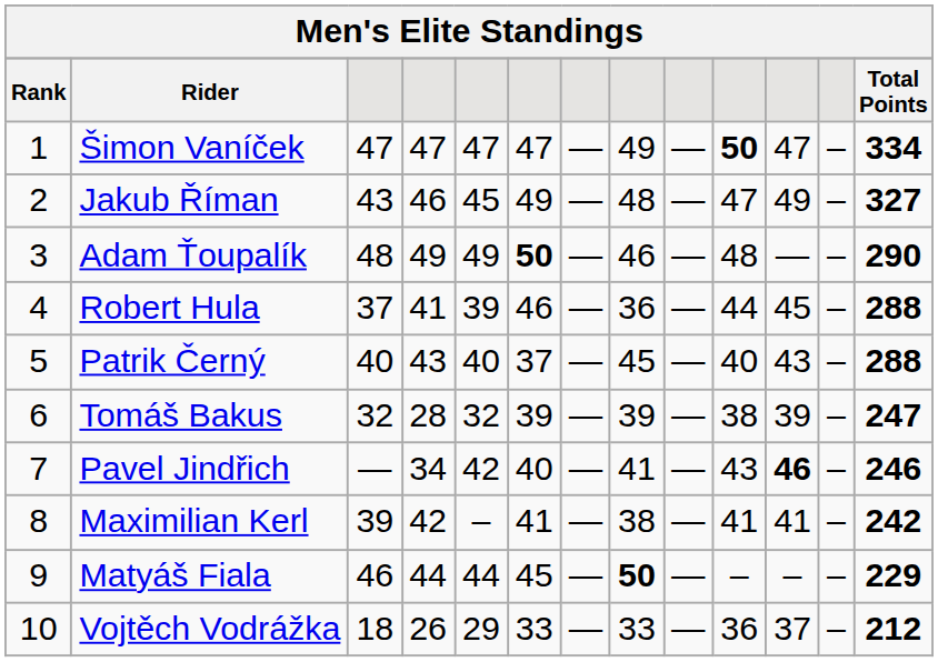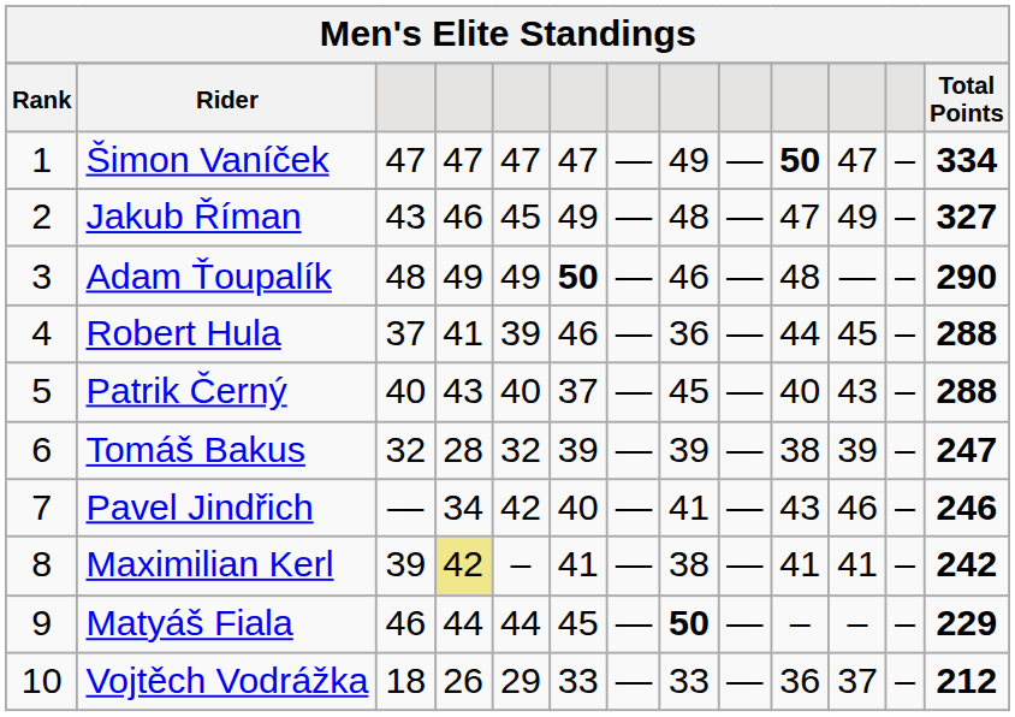 <table class="wikitable sortable">
 <tr>
 <th colspan=27 align="center">Men's Elite Standings</th>
 </tr>
 <tr>
 </tr>
 <tr style="font-size:8pt;font-weight:bold">
 <th align="center">Rank</th>
 <th align="center">Rider</th>
 <th class=unsortable style="background:#E5E4E2;"><small></small></th>
 <th class=unsortable style="background:#E5E4E2;"><small></small></th>
 <th class=unsortable style="background:#E5E4E2;"><small></small></th>
 <th class=unsortable style="background:#E5E4E2;"><small></small></th>
 <th class=unsortable style="background:#E5E4E2;"><small></small></th>
 <th class=unsortable style="background:#E5E4E2;"><small></small></th>
 <th class=unsortable style="background:#E5E4E2;"><small></small></th>
 <th class=unsortable style="background:#E5E4E2;"><small></small></th>
 <th class=unsortable style="background:#E5E4E2;"><small></small></th>
 <th class=unsortable style="background:#E5E4E2;"><small></small></th>
 <th align="center">Total<br>Points</th>
 </tr>
 <tr>
 <td align=center>1</td>
 <td> <a href='#'>Šimon Vaníček</a></td>
 <td align=center>47</td>
 <td align=center>47</td>
 <td align=center>47</td>
 <td align=center>47</td>
 <td align=center>—</td>
 <td align=center>49</td>
 <td align=center>—</td>
 <td align=center><strong>50</strong></td>
 <td align=center>47</td>
 <td align=center>–</td>
 <td align=center><strong>334</strong></td>
 </tr>
 <tr>
 <td align=center>2</td>
 <td> <a href='#'>Jakub Říman</a></td>
 <td align=center>43</td>
 <td align=center>46</td>
 <td align=center>45</td>
 <td align=center>49</td>
 <td align=center>—</td>
 <td align=center>48</td>
 <td align=center>—</td>
 <td align=center>47</td>
 <td align=center>49</td>
 <td align=center>–</td>
 <td align=center><strong>327</strong></td>
 </tr>
 <tr>
 <td align=center>3</td>
 <td> <a href='#'>Adam Ťoupalík</a></td>
 <td align=center>48</td>
 <td align=center>49</td>
 <td align=center>49</td>
 <td align=center><strong>50</strong></td>
 <td align=center>—</td>
 <td align=center>46</td>
 <td align=center>—</td>
 <td align=center>48</td>
 <td align=center>—</td>
 <td align=center>–</td>
 <td align=center><strong>290</strong></td>
 </tr>
 <tr>
 <td align=center>4</td>
 <td> <a href='#'>Robert Hula</a></td>
 <td align=center>37</td>
 <td align=center>41</td>
 <td align=center>39</td>
 <td align=center>46</td>
 <td align=center>—</td>
 <td align=center>36</td>
 <td align=center>—</td>
 <td align=center>44</td>
 <td align=center>45</td>
 <td align=center>–</td>
 <td align=center><strong>288</strong></td>
 </tr>
 <tr>
 <td align=center>5</td>
 <td> <a href='#'>Patrik Černý</a></td>
 <td align=center>40</td>
 <td align=center>43</td>
 <td align=center>40</td>
 <td align=center>37</td>
 <td align=center>—</td>
 <td align=center>45</td>
 <td align=center>—</td>
 <td align=center>40</td>
 <td align=center>43</td>
 <td align=center>–</td>
 <td align=center><strong>288</strong></td>
 </tr>
 <tr>
 <td align=center>6</td>
 <td> <a href='#'>Tomáš Bakus</a></td>
 <td align=center>32</td>
 <td align=center>28</td>
 <td align=center>32</td>
 <td align=center>39</td>
 <td align=center>—</td>
 <td align=center>39</td>
 <td align=center>—</td>
 <td align=center>38</td>
 <td align=center>39</td>
 <td align=center>–</td>
 <td align=center><strong>247</strong></td>
 </tr>
 <tr>
 <td align=center>7</td>
 <td> <a href='#'>Pavel Jindřich</a></td>
 <td align=center>—</td>
 <td align=center>34</td>
 <td align=center>42</td>
 <td align=center>40</td>
 <td align=center>—</td>
 <td align=center>41</td>
 <td align=center>—</td>
 <td align=center>43</td>
-<td align=center><strong>46</strong></td>
+<td align=center>46</td>
 <td align=center>–</td>
 <td align=center><strong>246</strong></td>
 </tr>
 <tr>
 <td align=center>8</td>
 <td> <a href='#'>Maximilian Kerl</a></td>
 <td align=center>39</td>
-<td align=center>42</td>
+<td align=center style="background: khaki;">42</td>
 <td align=center>–</td>
 <td align=center>41</td>
 <td align=center>—</td>
 <td align=center>38</td>
 <td align=center>—</td>
 <td align=center>41</td>
 <td align=center>41</td>
 <td align=center>–</td>
 <td align=center><strong>242</strong></td>
 </tr>
 <tr>
 <td align=center>9</td>
 <td> <a href='#'>Matyáš Fiala</a></td>
 <td align=center>46</td>
 <td align=center>44</td>
 <td align=center>44</td>
 <td align=center>45</td>
 <td align=center>—</td>
 <td align=center><strong>50</strong></td>
 <td align=center>—</td>
 <td align=center>–</td>
 <td align=center>–</td>
 <td align=center>–</td>
 <td align=center><strong>229</strong></td>
 </tr>
 <tr>
 <td align=center>10</td>
 <td> <a href='#'>Vojtěch Vodrážka</a></td>
 <td align=center>18</td>
 <td align=center>26</td>
 <td align=center>29</td>
 <td align=center>33</td>
 <td align=center>—</td>
 <td align=center>33</td>
 <td align=center>—</td>
 <td align=center>36</td>
 <td align=center>37</td>
 <td align=center>–</td>
 <td align=center><strong>212</strong></td>
 </tr>
 </table>
